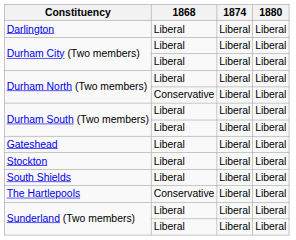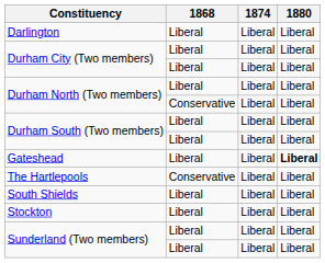 <table class="wikitable">
 <tr>
 <th>Constituency</th>
 <th>1868</th>
 <th>1874</th>
 <th>1880</th>
 </tr>
 <tr>
 <td><a href='#'>Darlington</a></td>
 <td>Liberal</td>
 <td>Liberal</td>
 <td>Liberal</td>
 </tr>
 <tr>
 <td rowspan="2"><a href='#'>Durham City</a> (Two members)</td>
 <td>Liberal</td>
 <td>Liberal</td>
 <td>Liberal</td>
 </tr>
 <tr>
 <td>Liberal</td>
 <td>Liberal</td>
 <td>Liberal</td>
 </tr>
 <tr>
 <td rowspan="2"><a href='#'>Durham North</a> (Two members)</td>
 <td>Liberal</td>
 <td>Liberal</td>
 <td>Liberal</td>
 </tr>
 <tr>
 <td>Conservative</td>
 <td>Liberal</td>
 <td>Liberal</td>
 </tr>
 <tr>
 <td rowspan="2"><a href='#'>Durham South</a> (Two members)</td>
 <td>Liberal</td>
 <td>Liberal</td>
 <td>Liberal</td>
 </tr>
 <tr>
 <td>Liberal</td>
 <td>Liberal</td>
 <td>Liberal</td>
 </tr>
 <tr>
 <td><a href='#'>Gateshead</a></td>
 <td>Liberal</td>
 <td>Liberal</td>
-<td>Liberal</td>
+<td><strong>Liberal</strong></td>
 </tr>
 <tr>
-<td><a href='#'>Stockton</a></td>
-<td>Liberal</td>
+<td><a href='#'>The Hartlepools</a></td>
+<td>Conservative</td>
 <td>Liberal</td>
 <td>Liberal</td>
 </tr>
 <tr>
 <td><a href='#'>South Shields</a></td>
 <td>Liberal</td>
 <td>Liberal</td>
 <td>Liberal</td>
 </tr>
 <tr>
-<td><a href='#'>The Hartlepools</a></td>
-<td>Conservative</td>
+<td><a href='#'>Stockton</a></td>
+<td>Liberal</td>
 <td>Liberal</td>
 <td>Liberal</td>
 </tr>
 <tr>
 <td rowspan="2"><a href='#'>Sunderland</a> (Two members)</td>
 <td>Liberal</td>
 <td>Liberal</td>
 <td>Liberal</td>
 </tr>
 <tr>
 <td>Liberal</td>
 <td>Liberal</td>
 <td>Liberal</td>
 </tr>
 </table>
